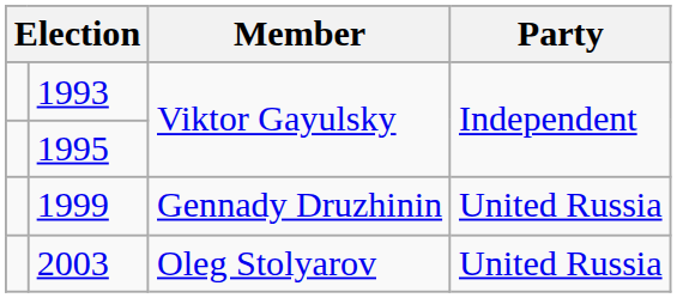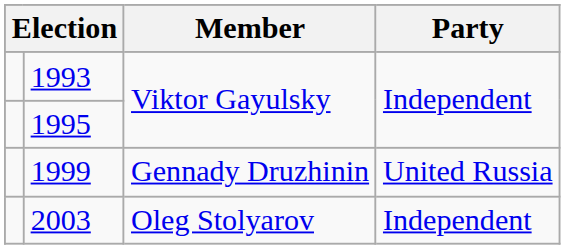 <table class="wikitable">
 <tr>
 <th colspan="2">Election</th>
 <th>Member</th>
 <th>Party</th>
 </tr>
 <tr>
 <td style="background-color:"></td>
 <td><a href='#'>1993</a></td>
 <td rowspan=2><a href='#'>Viktor Gayulsky</a></td>
 <td rowspan=2><a href='#'>Independent</a></td>
 </tr>
 <tr>
 <td style="background-color:"></td>
 <td><a href='#'>1995</a></td>
 </tr>
 <tr>
 <td style="background-color:"></td>
 <td><a href='#'>1999</a></td>
 <td><a href='#'>Gennady Druzhinin</a></td>
 <td><a href='#'>United Russia</a></td>
 </tr>
 <tr>
 <td style="background-color:"></td>
 <td><a href='#'>2003</a></td>
 <td><a href='#'>Oleg Stolyarov</a></td>
-<td><a href='#'>United Russia</a></td>
+<td><a href='#'>Independent</a></td>
 </tr>
 </table>
